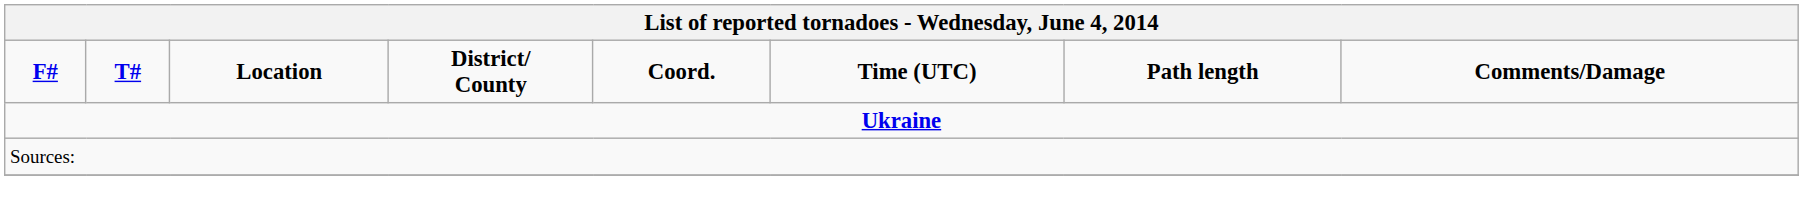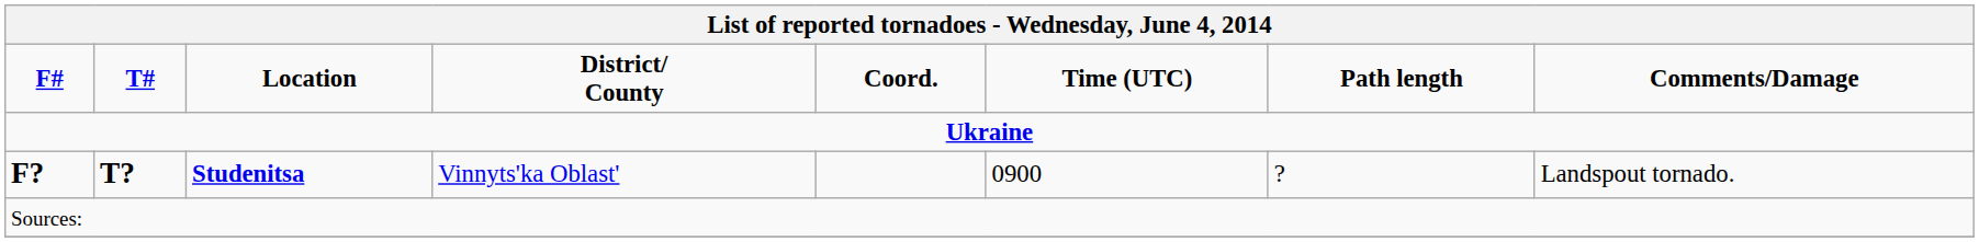 <table class="wikitable collapsible" width="100%">
 <tr>
 <th colspan="8">List of reported tornadoes - Wednesday, June 4, 2014</th>
 </tr>
 <tr>
 <td style="text-align: center;"><strong><a href='#'>F#</a></strong></td>
 <td style="text-align: center;"><strong><a href='#'>T#</a></strong></td>
 <td style="text-align: center;"><strong>Location</strong></td>
 <td style="text-align: center;"><strong>District/<br>County</strong></td>
 <td style="text-align: center;"><strong>Coord.</strong></td>
 <td style="text-align: center;"><strong>Time (UTC)</strong></td>
 <td style="text-align: center;"><strong>Path length</strong></td>
 <td style="text-align: center;"><strong>Comments/Damage</strong></td>
 </tr>
 <tr>
 <td colspan="8" align=center><strong><a href='#'>Ukraine</a></strong></td>
 </tr>
 <tr>
+<td><big><strong>F?</strong></big></td>
+<td><big><strong>T?</strong></big></td>
+<td><strong><a href='#'>Studenitsa</a></strong></td>
+<td><a href='#'>Vinnyts'ka Oblast'</a></td>
+<td></td>
+<td>0900</td>
+<td>?</td>
+<td>Landspout tornado.</td>
+</tr>
+<tr>
 <td colspan="8"><small>Sources:</small></td>
 </tr>
 <tr>
 </tr>
 </table>
